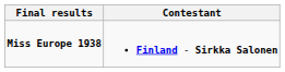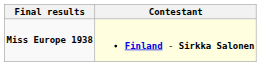 <table class="wikitable">
 <tr>
 <th>Final results</th>
 <th>Contestant</th>
 </tr>
 <tr>
 <td><strong>Miss Europe 1938</strong></td>
-<td><br><ul><li><strong> <a href='#'>Finland</a></strong> - <strong>Sirkka Salonen</strong></li></ul></td>
+<td style="background: lightyellow;"><br><ul><li><strong> <a href='#'>Finland</a></strong> - <strong>Sirkka Salonen</strong></li></ul></td>
 </tr>
 </table>
